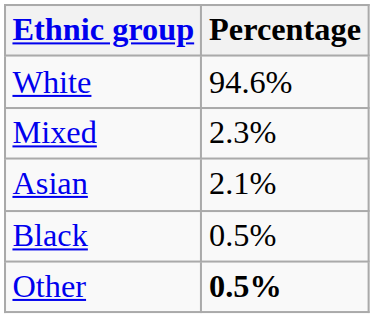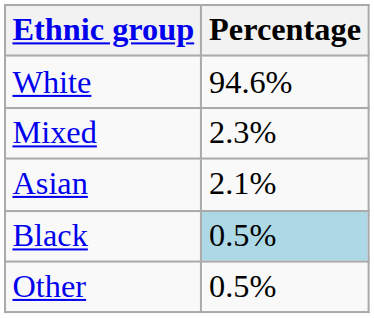 <table class="wikitable">
 <tr>
 <th><a href='#'>Ethnic group</a></th>
 <th>Percentage</th>
 </tr>
 <tr>
 <td><a href='#'>White</a></td>
 <td>94.6%</td>
 </tr>
 <tr>
 <td><a href='#'>Mixed</a></td>
 <td>2.3%</td>
 </tr>
 <tr>
 <td><a href='#'>Asian</a></td>
 <td>2.1%</td>
 </tr>
 <tr>
 <td><a href='#'>Black</a></td>
-<td>0.5%</td>
+<td style="background: lightblue;">0.5%</td>
 </tr>
 <tr>
 <td><a href='#'>Other</a></td>
-<td><strong>0.5%</strong></td>
+<td>0.5%</td>
 </tr>
 </table>
